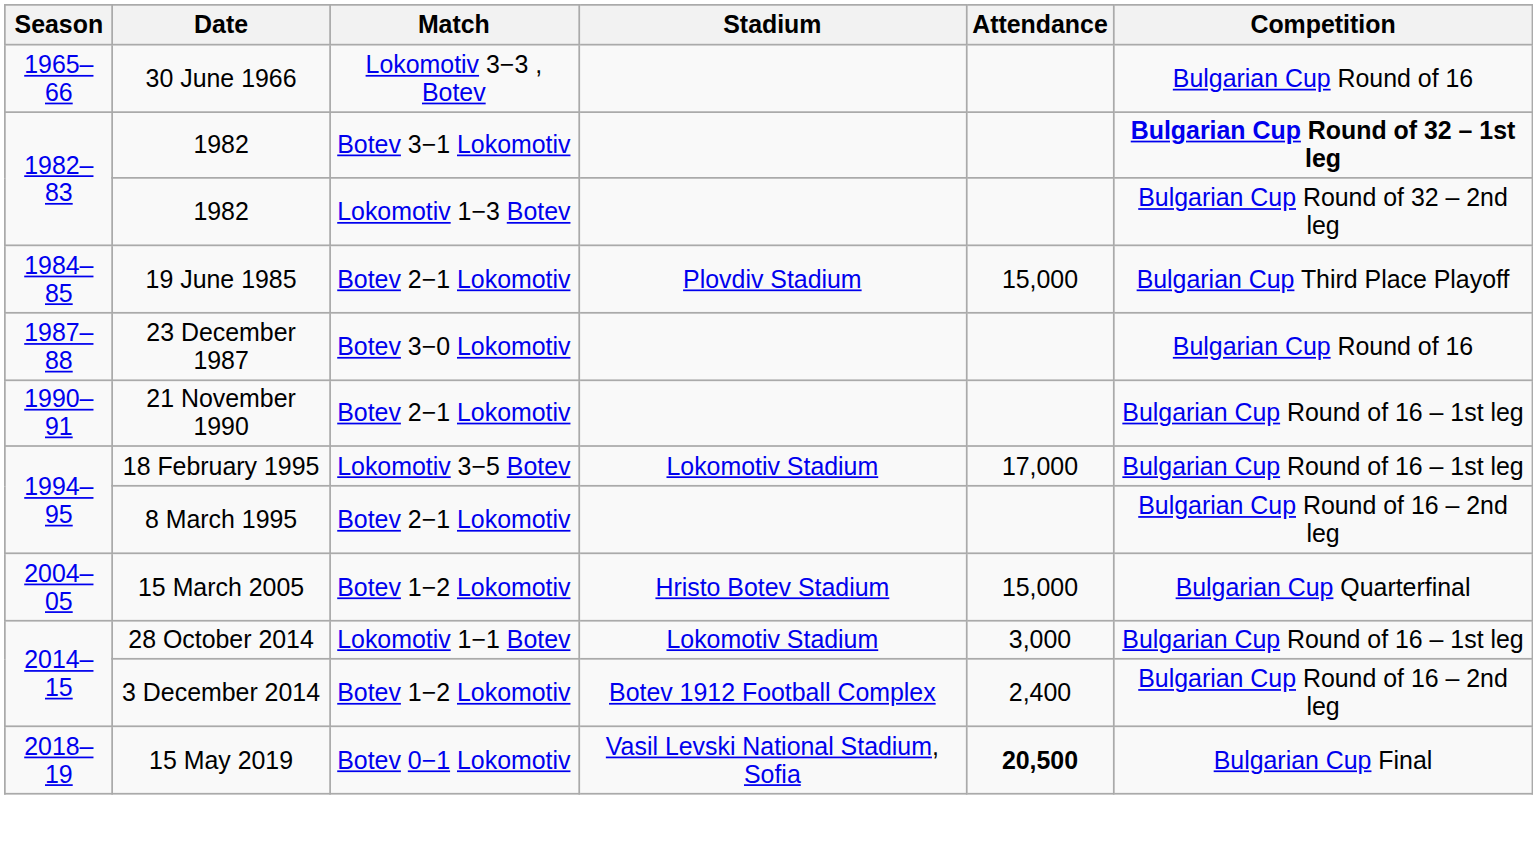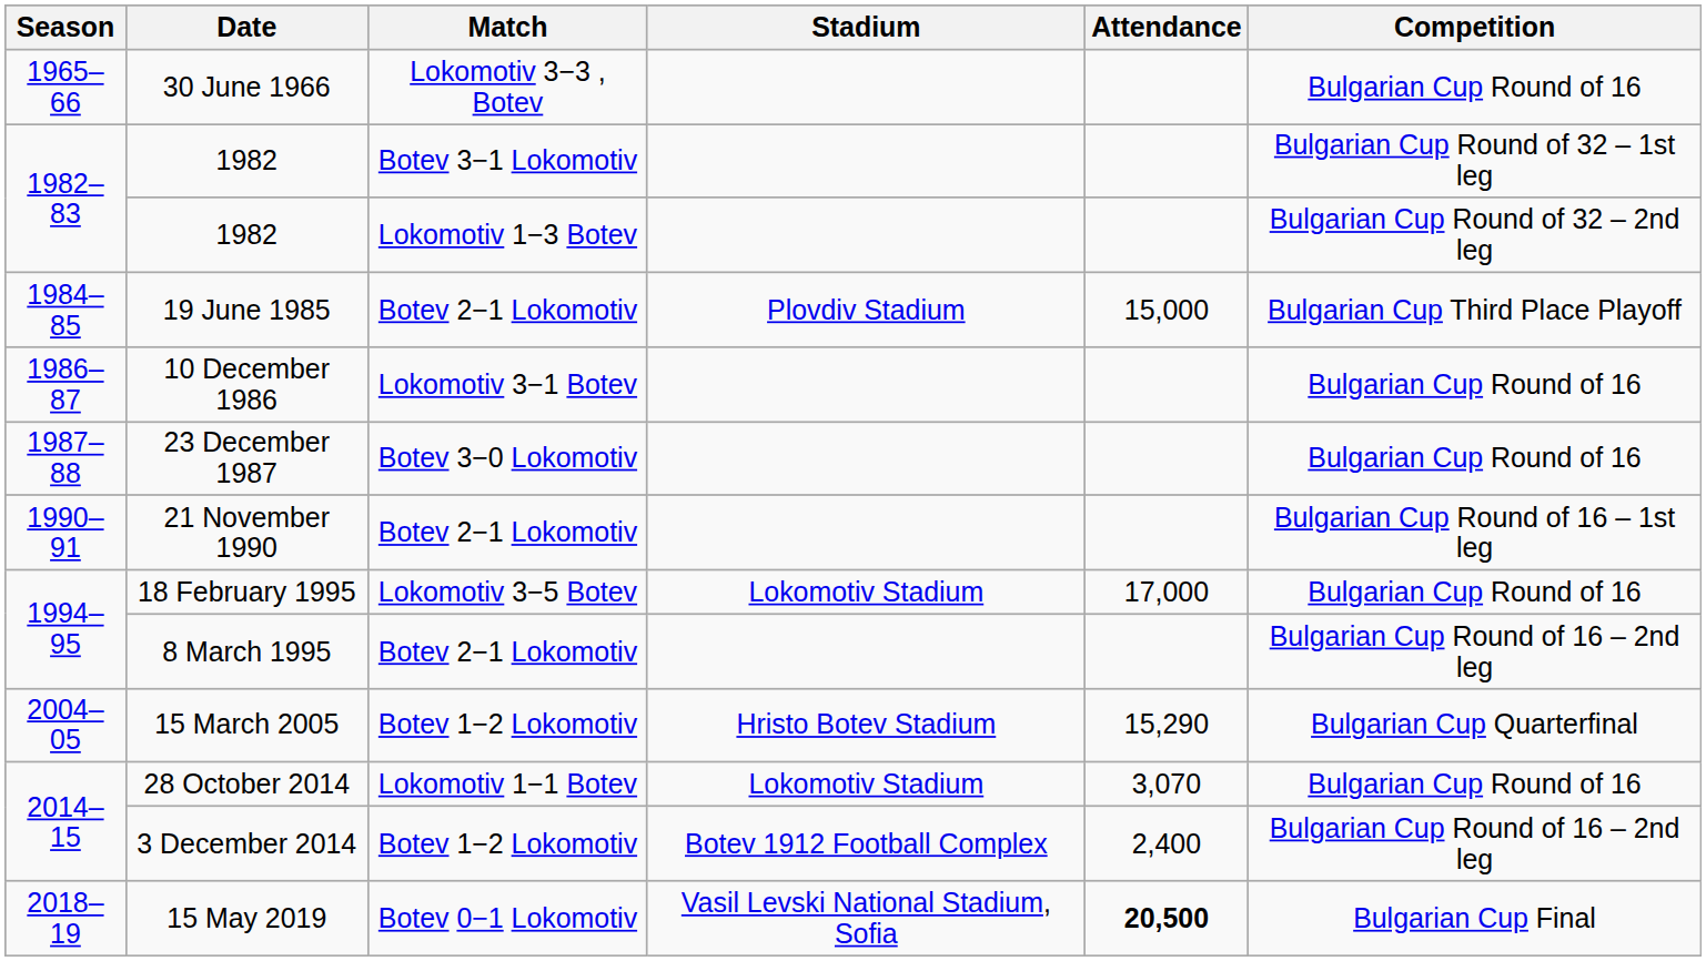 <table class="wikitable" style="margin:1em auto; font-size:90%; text-align: center; border:1">
 <tr>
 <th>Season</th>
 <th style="width:3">Date</th>
 <th style="width:6">Match</th>
 <th style="width:5">Stadium</th>
 <th style="width:2">Attendance</th>
 <th>Competition</th>
 </tr>
 <tr>
 <td align="center" rowspan="1"><a href='#'>1965–66</a></td>
 <td align="center">30 June 1966</td>
 <td align="center"><a href='#'>Lokomotiv</a> 3−3 ,  <a href='#'>Botev</a></td>
 <td align="center"></td>
 <td align="center"></td>
 <td align="center"><a href='#'>Bulgarian Cup</a> Round of 16</td>
 </tr>
 <tr>
 <td align="center" rowspan="2"><a href='#'>1982–83</a></td>
 <td align="center">1982</td>
 <td align="center"><a href='#'>Botev</a> 3−1 <a href='#'>Lokomotiv</a></td>
 <td align="center"></td>
 <td align="center"></td>
-<td align="center"><strong><a href='#'>Bulgarian Cup</a> Round of 32 – 1st leg</strong></td>
+<td align="center"><a href='#'>Bulgarian Cup</a> Round of 32 – 1st leg</td>
 </tr>
 <tr>
 <td align="center">1982</td>
 <td align="center"><a href='#'>Lokomotiv</a> 1−3 <a href='#'>Botev</a></td>
 <td align="center"></td>
 <td align="center"></td>
 <td align="center"><a href='#'>Bulgarian Cup</a> Round of 32 – 2nd leg</td>
 </tr>
 <tr>
 <td align="center" rowspan="1"><a href='#'>1984–85</a></td>
 <td align="center">19 June 1985</td>
 <td align="center"><a href='#'>Botev</a> 2−1 <a href='#'>Lokomotiv</a></td>
 <td align="center"><a href='#'>Plovdiv Stadium</a></td>
 <td align="center">15,000</td>
 <td align="center"><a href='#'>Bulgarian Cup</a> Third Place Playoff</td>
+</tr>
+<tr>
+<td align="center" rowspan="1"><a href='#'>1986–87</a></td>
+<td align="center">10 December 1986</td>
+<td align="center"><a href='#'>Lokomotiv</a> 3−1  <a href='#'>Botev</a></td>
+<td align="center"></td>
+<td align="center"></td>
+<td align="center"><a href='#'>Bulgarian Cup</a> Round of 16</td>
 </tr>
 <tr>
 <td align="center" rowspan="1"><a href='#'>1987–88</a></td>
 <td align="center">23 December 1987</td>
 <td align="center"><a href='#'>Botev</a> 3−0 <a href='#'>Lokomotiv</a></td>
 <td align="center"></td>
 <td align="center"></td>
 <td align="center"><a href='#'>Bulgarian Cup</a> Round of 16</td>
 </tr>
 <tr>
 <td align="center" rowspan="1"><a href='#'>1990–91</a></td>
 <td align="center">21 November 1990</td>
 <td align="center"><a href='#'>Botev</a> 2−1 <a href='#'>Lokomotiv</a></td>
 <td align="center"></td>
 <td align="center"></td>
 <td align="center"><a href='#'>Bulgarian Cup</a> Round of 16 – 1st leg</td>
 </tr>
 <tr>
 <td align="center" rowspan="2"><a href='#'>1994–95</a></td>
 <td align="center">18 February 1995</td>
 <td align="center"><a href='#'>Lokomotiv</a> 3−5 <a href='#'>Botev</a></td>
 <td align="center"><a href='#'>Lokomotiv Stadium</a></td>
 <td align="center">17,000</td>
-<td align="center"><a href='#'>Bulgarian Cup</a> Round of 16 – 1st leg</td>
+<td align="center"><a href='#'>Bulgarian Cup</a> Round of 16</td>
 </tr>
 <tr>
 <td align="center">8 March 1995</td>
 <td align="center"><a href='#'>Botev</a> 2−1 <a href='#'>Lokomotiv</a></td>
 <td align="center"></td>
 <td align="center"></td>
 <td align="center"><a href='#'>Bulgarian Cup</a> Round of 16 – 2nd leg</td>
 </tr>
 <tr>
 <td align="center" rowspan="1"><a href='#'>2004–05</a></td>
 <td align="center">15 March 2005</td>
 <td align="center"><a href='#'>Botev</a> 1−2  <a href='#'>Lokomotiv</a></td>
 <td align="center"><a href='#'>Hristo Botev Stadium</a></td>
-<td align="center">15,000</td>
+<td align="center">15,290</td>
 <td align="center"><a href='#'>Bulgarian Cup</a> Quarterfinal</td>
 </tr>
 <tr>
 <td align="center" rowspan="2"><a href='#'>2014–15</a></td>
 <td align="center">28 October 2014</td>
 <td align="center"><a href='#'>Lokomotiv</a> 1−1 <a href='#'>Botev</a></td>
 <td align="center"><a href='#'>Lokomotiv Stadium</a></td>
-<td align="center">3,000</td>
-<td align="center"><a href='#'>Bulgarian Cup</a> Round of 16 – 1st leg</td>
+<td align="center">3,070</td>
+<td align="center"><a href='#'>Bulgarian Cup</a> Round of 16</td>
 </tr>
 <tr>
 <td align="center">3 December 2014</td>
 <td align="center"><a href='#'>Botev</a> 1−2 <a href='#'>Lokomotiv</a></td>
 <td align="center"><a href='#'>Botev 1912 Football Complex</a></td>
 <td align="center">2,400</td>
 <td align="center"><a href='#'>Bulgarian Cup</a> Round of 16 – 2nd leg</td>
 </tr>
 <tr>
 <td align="center" rowspan="1"><a href='#'>2018–19</a></td>
 <td align="center">15 May 2019</td>
 <td align="center"><a href='#'>Botev</a> <a href='#'>0−1</a> <a href='#'>Lokomotiv</a></td>
 <td align="center"><a href='#'>Vasil Levski National Stadium</a>, <a href='#'>Sofia</a></td>
 <td align="center"><strong>20,500</strong></td>
 <td align="center"><a href='#'>Bulgarian Cup</a> Final</td>
 </tr>
 </table>
